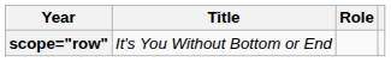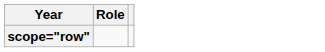 <table class="wikitable plainrowheaders">
 <tr>
 <th scope="col">Year</th>
-<th scope="col">Title</th>
 <th scope="col">Role</th>
 <th scope="col" class="unsortable"></th>
 </tr>
 <tr>
 <th>scope="row" </th>
-<td><em>It's You Without Bottom or End</em></td>
 <td></td>
 <td style="text-align:center"></td>
 </tr>
 </table>
